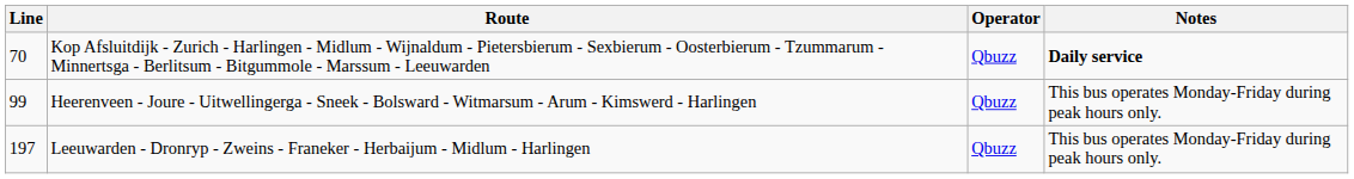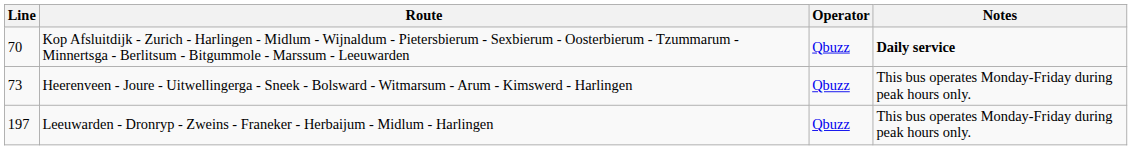 <table class="wikitable">
 <tr>
 <th>Line</th>
 <th>Route</th>
 <th>Operator</th>
 <th>Notes</th>
 </tr>
 <tr>
 <td>70</td>
 <td>Kop Afsluitdijk - Zurich - Harlingen - Midlum - Wijnaldum - Pietersbierum - Sexbierum - Oosterbierum - Tzummarum - Minnertsga - Berlitsum - Bitgummole - Marssum - Leeuwarden</td>
 <td><a href='#'>Qbuzz</a></td>
 <td><strong>Daily service</strong></td>
 </tr>
 <tr>
-<td>99</td>
+<td>73</td>
 <td>Heerenveen - Joure - Uitwellingerga - Sneek - Bolsward - Witmarsum - Arum - Kimswerd - Harlingen</td>
 <td><a href='#'>Qbuzz</a></td>
 <td>This bus operates Monday-Friday during peak hours only.</td>
 </tr>
 <tr>
 <td>197</td>
 <td>Leeuwarden - Dronryp - Zweins - Franeker - Herbaijum - Midlum - Harlingen</td>
 <td><a href='#'>Qbuzz</a></td>
 <td>This bus operates Monday-Friday during peak hours only.</td>
 </tr>
 </table>
